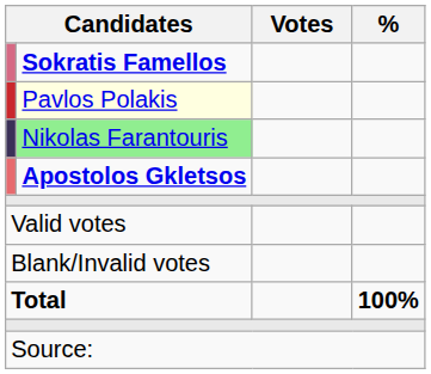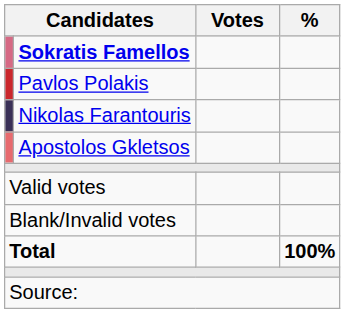 <table class="wikitable" style="text-align:right; font-size:100%;">
 <tr style="background-color:#E9E9E9;text-align:center;">
 <th colspan="2" align="left">Candidates</th>
 <th width="60">Votes</th>
 <th width="30">%</th>
 </tr>
 <tr>
 <td style="background-color:#D66984"></td>
 <td style="text-align:left;"><strong><a href='#'>Sokratis Famellos</a></strong></td>
 <td><strong></strong></td>
 <td><strong></strong></td>
 </tr>
 <tr>
 <td style="background-color:#CA272C"></td>
-<td style="background: lightyellow; text-align:left;"><a href='#'>Pavlos Polakis</a></td>
+<td style="text-align:left;"><a href='#'>Pavlos Polakis</a></td>
 <td><strong></strong></td>
 <td><strong></strong></td>
 </tr>
 <tr>
 <td style="background-color:#3A3057"></td>
-<td style="background: lightgreen; text-align:left;"><a href='#'>Nikolas Farantouris</a></td>
+<td style="text-align:left;"><a href='#'>Nikolas Farantouris</a></td>
 <td></td>
 <td></td>
 </tr>
 <tr>
 <td style="background-color:#E76A6E"></td>
-<td style="text-align:left;"><strong><a href='#'>Apostolos Gkletsos</a></strong></td>
+<td style="text-align:left;"><a href='#'>Apostolos Gkletsos</a></td>
 <td></td>
 <td></td>
 </tr>
 <tr>
 <td colspan="4" style="background-color:#E9E9E9"></td>
 </tr>
 <tr>
 <td colspan="2" align="left">Valid votes</td>
 <td></td>
 <td></td>
 </tr>
 <tr>
 <td colspan="2" align="left">Blank/Invalid votes</td>
 <td></td>
 <td></td>
 </tr>
 <tr style="font-weight:bold;">
 <td colspan="2" align="left">Total</td>
 <td></td>
 <td>100%</td>
 </tr>
 <tr>
 <td colspan="4" style="background-color:#E9E9E9"></td>
 </tr>
 <tr>
 <td colspan="4" align="left">Source: </td>
 </tr>
 </table>
